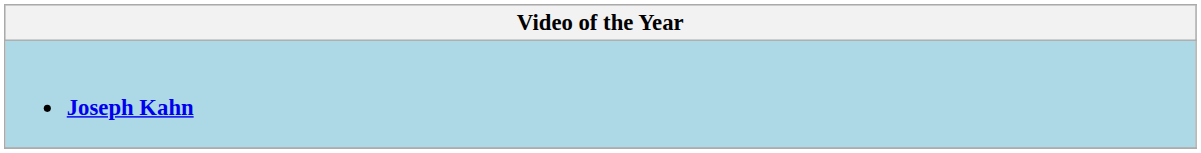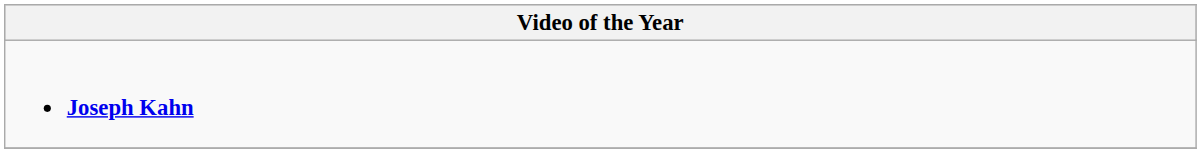 <table class="wikitable" style="width:95%">
 <tr bgcolor="#bebebe">
 <th width="100%">Video of the Year</th>
 </tr>
 <tr>
-<td valign="top" style="background: lightblue;"><br><ul><li><strong><a href='#'>Joseph Kahn</a></strong></li></ul></td>
+<td valign="top"><br><ul><li><strong><a href='#'>Joseph Kahn</a></strong></li></ul></td>
 </tr>
 <tr>
 </tr>
 </table>
